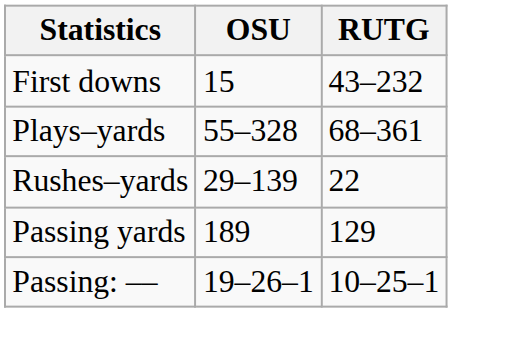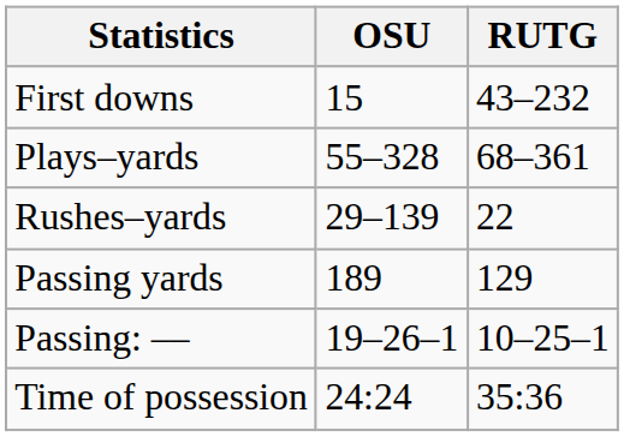 <table class="wikitable" style="float:left">
 <tr>
 <th>Statistics</th>
 <th>OSU</th>
 <th>RUTG</th>
 </tr>
 <tr>
 <td>First downs</td>
 <td>15</td>
 <td>43–232</td>
 </tr>
 <tr>
 <td>Plays–yards</td>
 <td>55–328</td>
 <td>68–361</td>
 </tr>
 <tr>
 <td>Rushes–yards</td>
 <td>29–139</td>
 <td>22</td>
 </tr>
 <tr>
 <td>Passing yards</td>
 <td>189</td>
 <td>129</td>
 </tr>
 <tr>
 <td>Passing: ––</td>
 <td>19–26–1</td>
 <td>10–25–1</td>
 </tr>
+<tr>
+<td>Time of possession</td>
+<td>24:24</td>
+<td>35:36</td>
+</tr>
 </table>
